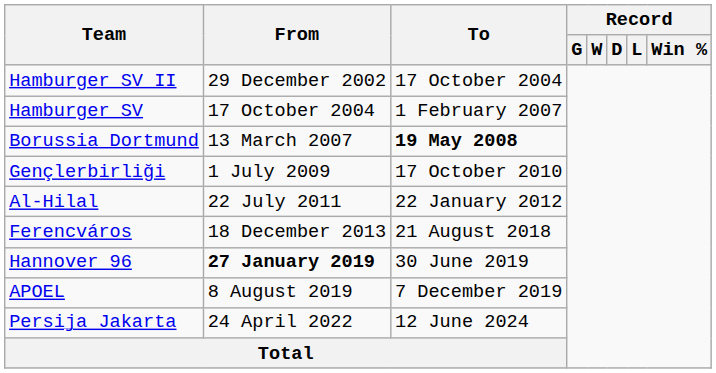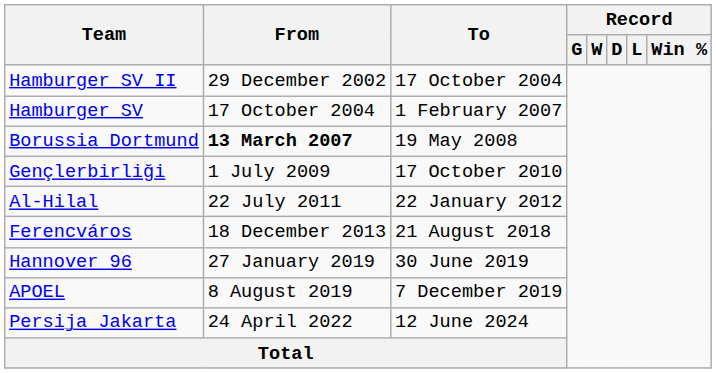 <table class="wikitable" style="text-align: center">
 <tr>
 <th rowspan="2">Team</th>
 <th rowspan="2">From</th>
 <th rowspan="2">To</th>
 <th colspan="6">Record</th>
 </tr>
 <tr>
 <th>G</th>
 <th>W</th>
 <th>D</th>
 <th>L</th>
 <th>Win %</th>
 </tr>
 <tr>
 <td align=left><a href='#'>Hamburger SV II</a></td>
 <td align=left>29 December 2002</td>
 <td align=left>17 October 2004<br></td>
 </tr>
 <tr>
 <td align=left><a href='#'>Hamburger SV</a></td>
 <td align=left>17 October 2004</td>
 <td align=left>1 February 2007<br></td>
 </tr>
 <tr>
 <td align=left><a href='#'>Borussia Dortmund</a></td>
-<td align=left>13 March 2007</td>
-<td align=left><strong>19 May 2008<br></strong></td>
+<td align=left><strong>13 March 2007</strong></td>
+<td align=left>19 May 2008<br></td>
 </tr>
 <tr>
 <td align=left><a href='#'>Gençlerbirliği</a></td>
 <td align=left>1 July 2009</td>
 <td align=left>17 October 2010<br></td>
 </tr>
 <tr>
 <td align=left><a href='#'>Al-Hilal</a></td>
 <td align=left>22 July 2011</td>
 <td align=left>22 January 2012<br></td>
 </tr>
 <tr>
 <td align=left><a href='#'>Ferencváros</a></td>
 <td align=left>18 December 2013</td>
 <td align=left>21 August 2018<br></td>
 </tr>
 <tr>
 <td align=left><a href='#'>Hannover 96</a></td>
-<td align=left><strong>27 January 2019</strong></td>
+<td align=left>27 January 2019</td>
 <td align=left>30 June 2019<br></td>
 </tr>
 <tr>
 <td align=left><a href='#'>APOEL</a></td>
 <td align=left>8 August 2019</td>
 <td align=left>7 December 2019<br></td>
 </tr>
 <tr>
 <td align=left><a href='#'>Persija Jakarta</a></td>
 <td align=left>24 April 2022</td>
 <td align=left>12 June 2024<br></td>
 </tr>
 <tr>
 <th colspan="3">Total<br></th>
 </tr>
 </table>
